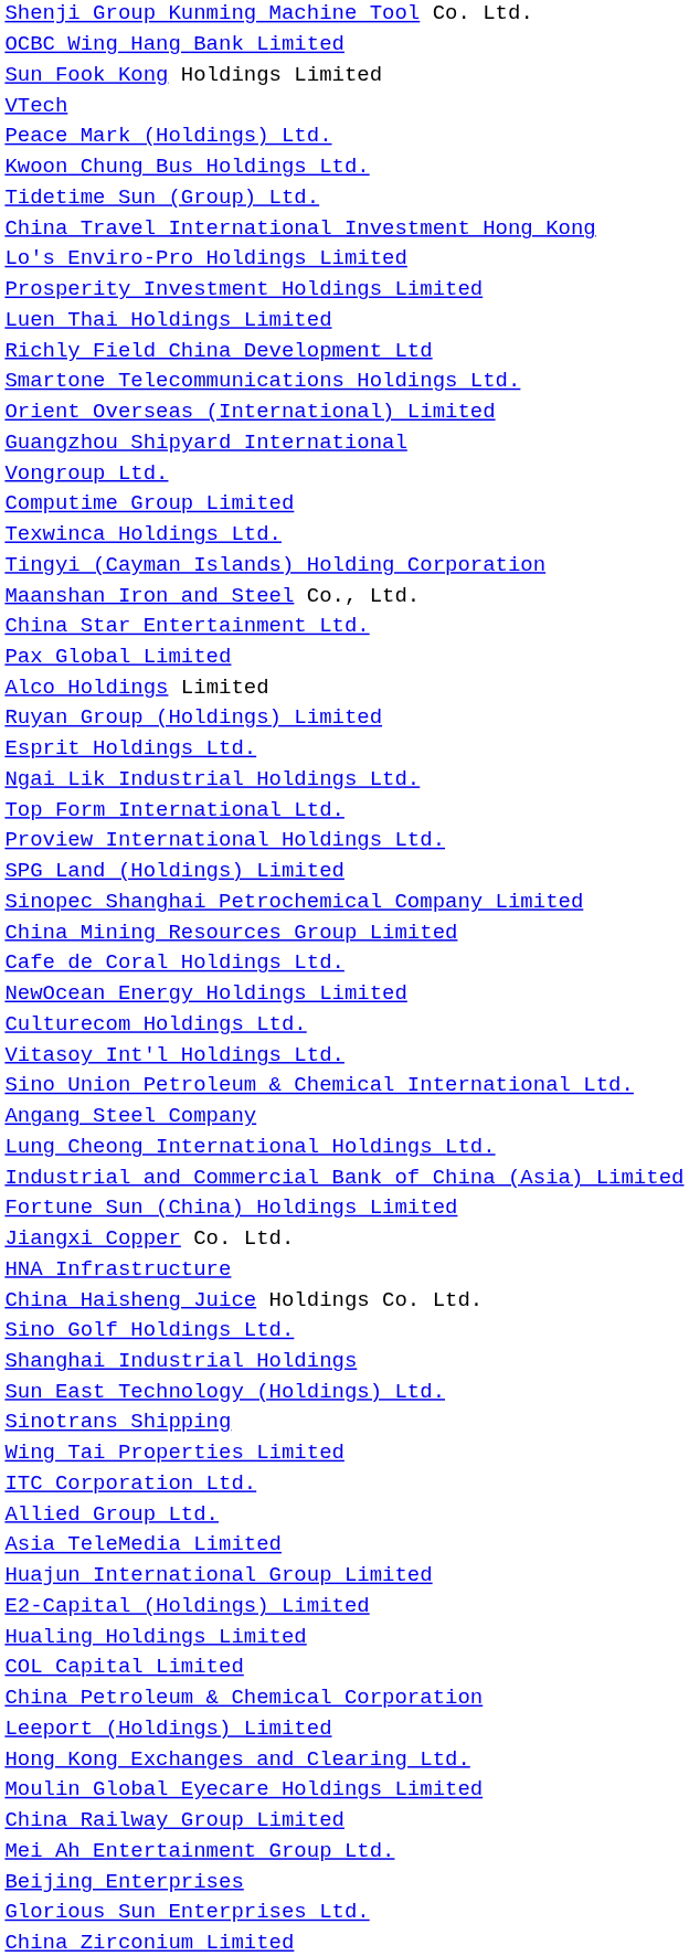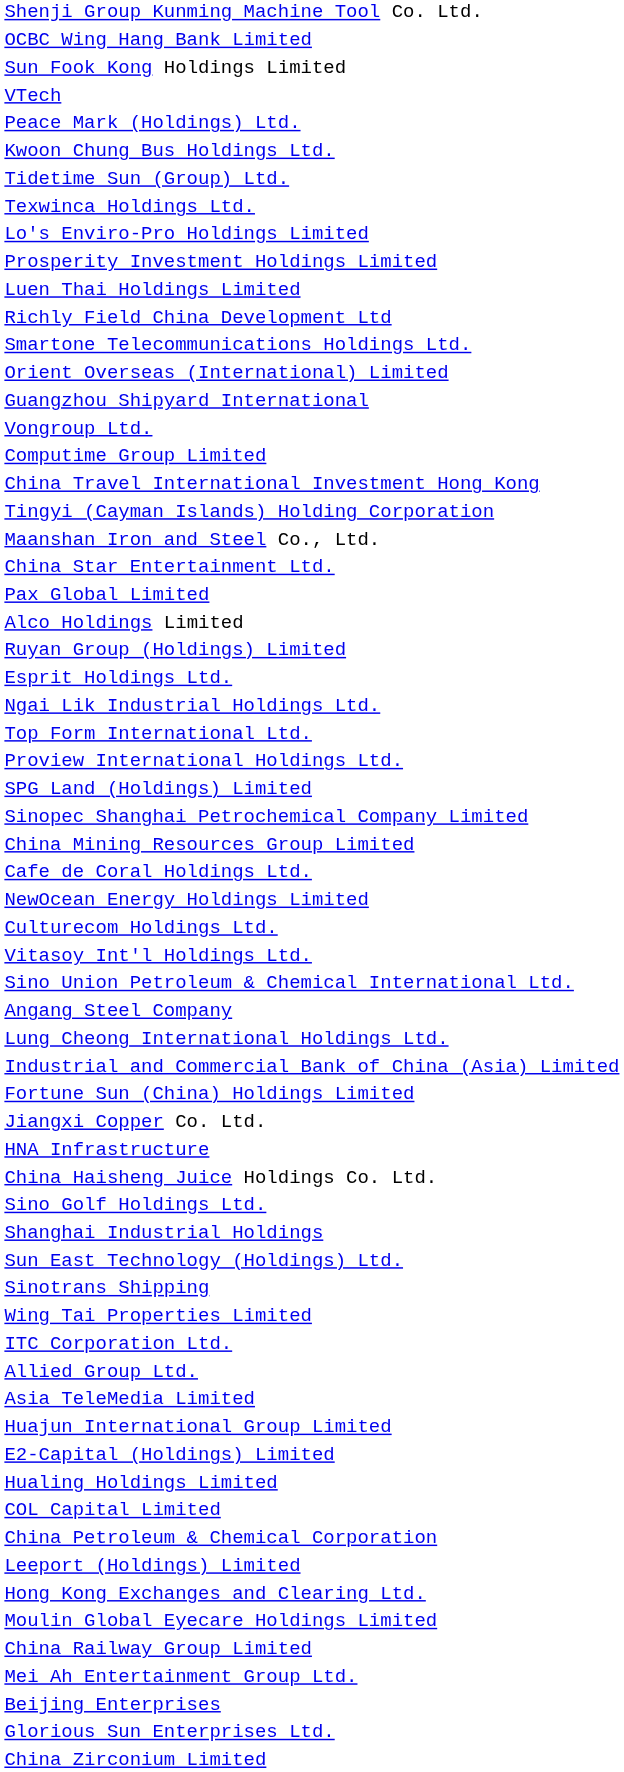 <table>
 <tr>
 <td> <a href='#'>Shenji Group Kunming Machine Tool</a> Co. Ltd.</td>
 </tr>
 <tr>
 <td> <a href='#'>OCBC Wing Hang Bank Limited</a></td>
 </tr>
 <tr>
 <td> <a href='#'>Sun Fook Kong</a> Holdings Limited</td>
 </tr>
 <tr>
 <td> <a href='#'>VTech</a></td>
 </tr>
 <tr>
 <td> <a href='#'>Peace Mark (Holdings) Ltd.</a></td>
 </tr>
 <tr>
 <td> <a href='#'>Kwoon Chung Bus Holdings Ltd.</a></td>
 </tr>
 <tr>
 <td> <a href='#'>Tidetime Sun (Group) Ltd.</a></td>
 </tr>
 <tr>
-<td> <a href='#'>China Travel International Investment Hong Kong</a></td>
+<td> <a href='#'>Texwinca Holdings Ltd.</a></td>
 </tr>
 <tr>
 <td> <a href='#'>Lo's Enviro-Pro Holdings Limited</a></td>
 </tr>
 <tr>
 <td> <a href='#'>Prosperity Investment Holdings Limited</a></td>
 </tr>
 <tr>
 <td> <a href='#'>Luen Thai Holdings Limited</a></td>
 </tr>
 <tr>
 <td> <a href='#'>Richly Field China Development Ltd</a></td>
 </tr>
 <tr>
 <td> <a href='#'>Smartone Telecommunications Holdings Ltd.</a></td>
 </tr>
 <tr>
 <td> <a href='#'>Orient Overseas (International) Limited</a></td>
 </tr>
 <tr>
 <td> <a href='#'>Guangzhou Shipyard International</a></td>
 </tr>
 <tr>
 <td> <a href='#'>Vongroup Ltd.</a></td>
 </tr>
 <tr>
 <td> <a href='#'>Computime Group Limited</a></td>
 </tr>
 <tr>
-<td> <a href='#'>Texwinca Holdings Ltd.</a></td>
+<td> <a href='#'>China Travel International Investment Hong Kong</a></td>
 </tr>
 <tr>
 <td> <a href='#'>Tingyi (Cayman Islands) Holding Corporation</a></td>
 </tr>
 <tr>
 <td> <a href='#'>Maanshan Iron and Steel</a> Co., Ltd.</td>
 </tr>
 <tr>
 <td> <a href='#'>China Star Entertainment Ltd.</a></td>
 </tr>
 <tr>
 <td> <a href='#'>Pax Global Limited</a></td>
 </tr>
 <tr>
 <td> <a href='#'>Alco Holdings</a> Limited</td>
 </tr>
 <tr>
 <td> <a href='#'>Ruyan Group (Holdings) Limited</a></td>
 </tr>
 <tr>
 <td> <a href='#'>Esprit Holdings Ltd.</a></td>
 </tr>
 <tr>
 <td> <a href='#'>Ngai Lik Industrial Holdings Ltd.</a></td>
 </tr>
 <tr>
 <td> <a href='#'>Top Form International Ltd.</a></td>
 </tr>
 <tr>
 <td> <a href='#'>Proview International Holdings Ltd.</a></td>
 </tr>
 <tr>
 <td> <a href='#'>SPG Land (Holdings) Limited</a></td>
 </tr>
 <tr>
 <td> <a href='#'>Sinopec Shanghai Petrochemical Company Limited</a></td>
 </tr>
 <tr>
 <td> <a href='#'>China Mining Resources Group Limited</a></td>
 </tr>
 <tr>
 <td> <a href='#'>Cafe de Coral Holdings Ltd.</a></td>
 </tr>
 <tr>
 <td> <a href='#'>NewOcean Energy Holdings Limited</a></td>
 </tr>
 <tr>
 <td> <a href='#'>Culturecom Holdings Ltd.</a></td>
 </tr>
 <tr>
 <td> <a href='#'>Vitasoy Int'l Holdings Ltd.</a></td>
 </tr>
 <tr>
 <td> <a href='#'>Sino Union Petroleum & Chemical International Ltd.</a></td>
 </tr>
 <tr>
 <td> <a href='#'>Angang Steel Company</a></td>
 </tr>
 <tr>
 <td> <a href='#'>Lung Cheong International Holdings Ltd.</a></td>
 </tr>
 <tr>
 <td> <a href='#'>Industrial and Commercial Bank of China (Asia) Limited</a></td>
 </tr>
 <tr>
 <td> <a href='#'>Fortune Sun (China) Holdings Limited</a></td>
 </tr>
 <tr>
 <td> <a href='#'>Jiangxi Copper</a> Co. Ltd.</td>
 </tr>
 <tr>
 <td> <a href='#'>HNA Infrastructure</a></td>
 </tr>
 <tr>
 <td> <a href='#'>China Haisheng Juice</a> Holdings Co. Ltd.</td>
 </tr>
 <tr>
 <td> <a href='#'>Sino Golf Holdings Ltd.</a></td>
 </tr>
 <tr>
 <td> <a href='#'>Shanghai Industrial Holdings</a></td>
 </tr>
 <tr>
 <td> <a href='#'>Sun East Technology (Holdings) Ltd.</a></td>
 </tr>
 <tr>
 <td> <a href='#'>Sinotrans Shipping</a></td>
 </tr>
 <tr>
 <td> <a href='#'>Wing Tai Properties Limited</a></td>
 </tr>
 <tr>
 <td> <a href='#'>ITC Corporation Ltd.</a></td>
 </tr>
 <tr>
 <td> <a href='#'>Allied Group Ltd.</a></td>
 </tr>
 <tr>
 <td> <a href='#'>Asia TeleMedia Limited</a></td>
 </tr>
 <tr>
 <td> <a href='#'>Huajun International Group Limited</a></td>
 </tr>
 <tr>
 <td> <a href='#'>E2-Capital (Holdings) Limited</a></td>
 </tr>
 <tr>
 <td> <a href='#'>Hualing Holdings Limited</a></td>
 </tr>
 <tr>
 <td> <a href='#'>COL Capital Limited</a></td>
 </tr>
 <tr>
 <td> <a href='#'>China Petroleum & Chemical Corporation</a></td>
 </tr>
 <tr>
 <td> <a href='#'>Leeport (Holdings) Limited</a></td>
 </tr>
 <tr>
 <td> <a href='#'>Hong Kong Exchanges and Clearing Ltd.</a></td>
 </tr>
 <tr>
 <td> <a href='#'>Moulin Global Eyecare Holdings Limited</a></td>
 </tr>
 <tr>
 <td> <a href='#'>China Railway Group Limited</a></td>
 </tr>
 <tr>
 <td> <a href='#'>Mei Ah Entertainment Group Ltd.</a></td>
 </tr>
 <tr>
 <td> <a href='#'>Beijing Enterprises</a></td>
 </tr>
 <tr>
 <td> <a href='#'>Glorious Sun Enterprises Ltd.</a></td>
 </tr>
 <tr>
 <td> <a href='#'>China Zirconium Limited</a></td>
 </tr>
 </table>
